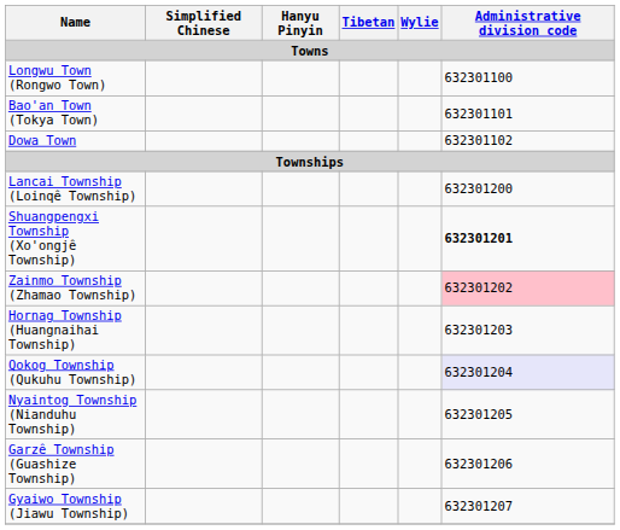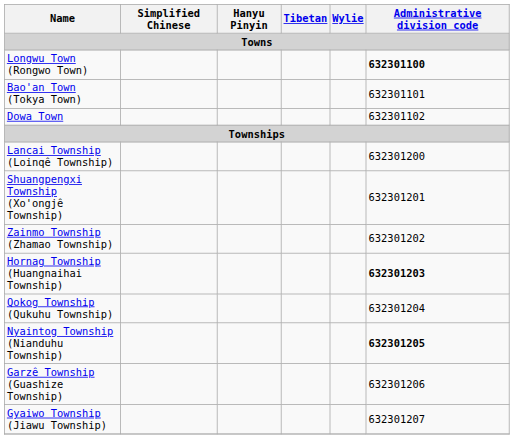 <table class="wikitable" align="center" style="width:50%; border=" 1">
 <tr>
 <th>Name</th>
 <th>Simplified Chinese</th>
 <th>Hanyu Pinyin</th>
 <th><a href='#'>Tibetan</a></th>
 <th><a href='#'>Wylie</a></th>
 <th><a href='#'>Administrative division code</a></th>
 </tr>
 <tr>
 <td colspan="7" style="text-align:center; background:#d3d3d3;"><strong>Towns</strong></td>
 </tr>
 <tr --------->
 <td><a href='#'>Longwu Town</a><br>(Rongwo Town)</td>
 <td></td>
 <td></td>
 <td></td>
 <td></td>
-<td>632301100</td>
+<td><strong>632301100</strong></td>
 </tr>
 <tr>
 <td><a href='#'>Bao'an Town</a><br>(Tokya Town)</td>
 <td></td>
 <td></td>
 <td></td>
 <td></td>
 <td>632301101</td>
 </tr>
 <tr>
 <td><a href='#'>Dowa Town</a></td>
 <td></td>
 <td></td>
 <td></td>
 <td></td>
 <td>632301102</td>
 </tr>
 <tr>
 <td colspan="7" style="text-align:center; background:#d3d3d3;"><strong>Townships</strong></td>
 </tr>
 <tr --------->
 <td><a href='#'>Lancai Township</a><br>(Loinqê Township)</td>
 <td></td>
 <td></td>
 <td></td>
 <td></td>
 <td>632301200</td>
 </tr>
 <tr>
 <td><a href='#'>Shuangpengxi Township</a><br>(Xo'ongjê Township)</td>
 <td></td>
 <td></td>
 <td></td>
 <td></td>
-<td><strong>632301201</strong></td>
+<td>632301201</td>
 </tr>
 <tr>
 <td><a href='#'>Zainmo Township</a><br>(Zhamao Township)</td>
 <td></td>
 <td></td>
 <td></td>
 <td></td>
-<td style="background: pink;">632301202</td>
+<td>632301202</td>
 </tr>
 <tr>
 <td><a href='#'>Hornag Township</a><br>(Huangnaihai Township)</td>
 <td></td>
 <td></td>
 <td></td>
 <td></td>
-<td>632301203</td>
+<td><strong>632301203</strong></td>
 </tr>
 <tr>
 <td><a href='#'>Qokog Township</a><br>(Qukuhu Township)</td>
 <td></td>
 <td></td>
 <td></td>
 <td></td>
-<td style="background: lavender;">632301204</td>
+<td>632301204</td>
 </tr>
 <tr>
 <td><a href='#'>Nyaintog Township</a><br>(Nianduhu Township)</td>
 <td></td>
 <td></td>
 <td></td>
 <td></td>
-<td>632301205</td>
+<td><strong>632301205</strong></td>
 </tr>
 <tr>
 <td><a href='#'>Garzê Township</a><br>(Guashize Township)</td>
 <td></td>
 <td></td>
 <td></td>
 <td></td>
 <td>632301206</td>
 </tr>
 <tr>
 <td><a href='#'>Gyaiwo Township</a><br>(Jiawu Township)</td>
 <td></td>
 <td></td>
 <td></td>
 <td></td>
 <td>632301207</td>
 </tr>
 <tr>
 </tr>
 </table>
